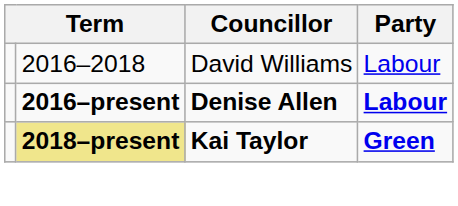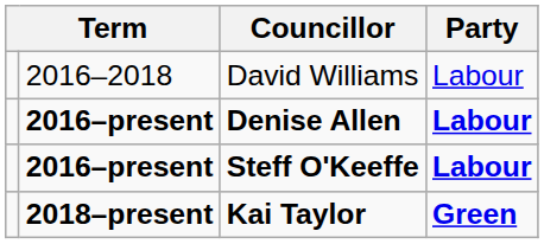 <table class="wikitable">
 <tr>
 <th colspan=2>Term</th>
 <th>Councillor</th>
 <th>Party</th>
 </tr>
 <tr>
 <td style="background-color: "></td>
 <td>2016–2018</td>
 <td>David Williams </td>
 <td><a href='#'>Labour</a></td>
 </tr>
 <tr>
 <td style="background-color: "></td>
 <td><strong>2016–present</strong></td>
 <td><strong>Denise Allen</strong> </td>
 <td><strong><a href='#'>Labour</a></strong></td>
 </tr>
 <tr>
 <td style="background-color: "></td>
-<td style="background: khaki;"><strong>2018–present</strong></td>
+<td><strong>2016–present</strong></td>
+<td><strong>Steff O'Keeffe</strong> </td>
+<td><strong><a href='#'>Labour</a></strong></td>
+</tr>
+<tr>
+<td style="background-color: "></td>
+<td><strong>2018–present</strong></td>
 <td><strong>Kai Taylor</strong> </td>
 <td><strong><a href='#'>Green</a></strong></td>
 </tr>
 </table>
